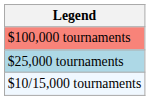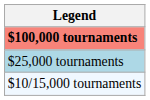 <table class="wikitable" style="font-size:85%;">
 <tr>
 <th>Legend</th>
 </tr>
 <tr style="background:#f88379;">
-<td>$100,000 tournaments</td>
+<td><strong>$100,000 tournaments</strong></td>
 </tr>
 <tr style="background:lightblue;">
 <td>$25,000 tournaments</td>
 </tr>
 <tr style="background:#f0f8ff;">
 <td>$10/15,000 tournaments</td>
 </tr>
 </table>
